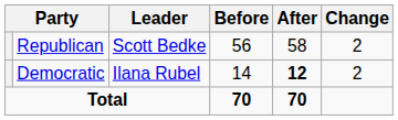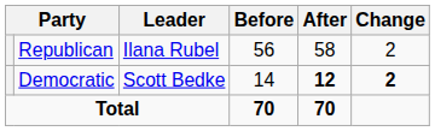 <table class="wikitable" style="text-align:center;">
 <tr>
 </tr>
 <tr>
 <th colspan=2>Party</th>
 <th>Leader</th>
 <th>Before</th>
 <th>After</th>
 <th>Change</th>
 </tr>
 <tr>
 <th style="background-color:"></th>
 <td style="text-align:left;"><a href='#'>Republican</a></td>
-<td style="text-align:left;"><a href='#'>Scott Bedke</a></td>
+<td style="text-align:left;"><a href='#'>Ilana Rubel</a></td>
 <td>56</td>
 <td>58</td>
 <td> 2</td>
 </tr>
 <tr>
 <th style="background-color:"></th>
 <td style="text-align:left;"><a href='#'>Democratic</a></td>
-<td style="text-align:left;"><a href='#'>Ilana Rubel</a></td>
+<td style="text-align:left;"><a href='#'>Scott Bedke</a></td>
 <td>14</td>
 <td><strong>12</strong></td>
-<td> 2</td>
+<td><strong> 2</strong></td>
 </tr>
 <tr>
 <td colspan=3><strong>Total</strong></td>
 <td><strong>70</strong></td>
 <td><strong>70</strong></td>
 <td></td>
 </tr>
 </table>
